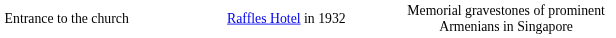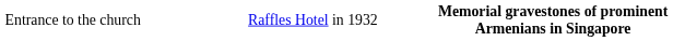 <table class="graytable">
 <tr>
 <td width="29%"></td>
 <td width="29%"></td>
 <td width="29%"></td>
 <td></td>
 </tr>
 <tr>
 <td align="center">Entrance to the church</td>
 <td align="center"><a href='#'>Raffles Hotel</a> in 1932</td>
-<td align="center">Memorial gravestones of prominent Armenians in Singapore</td>
+<td align="center"><strong>Memorial gravestones of prominent Armenians in Singapore</strong></td>
 <td align="center"></td>
 </tr>
 </table>
